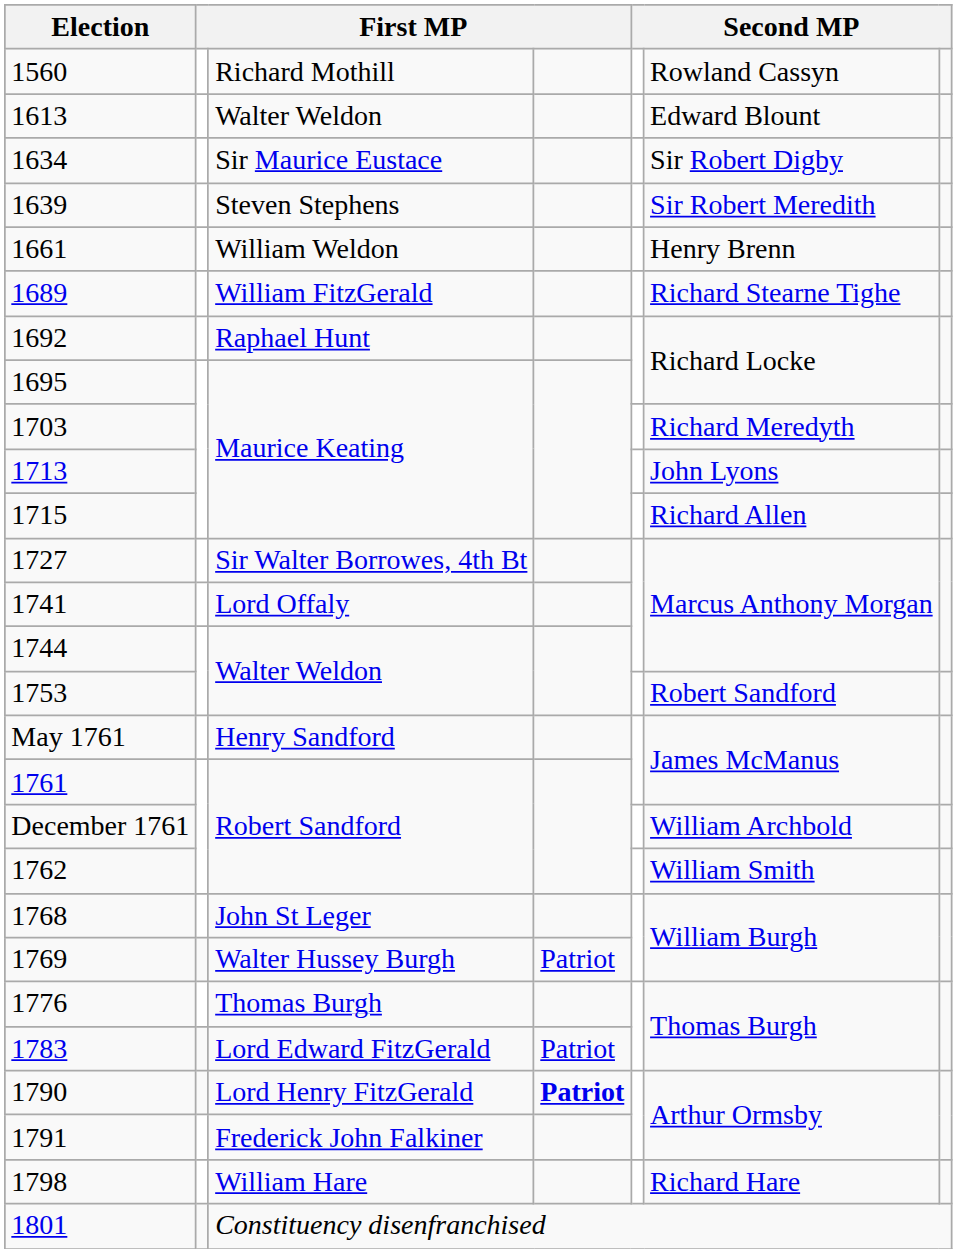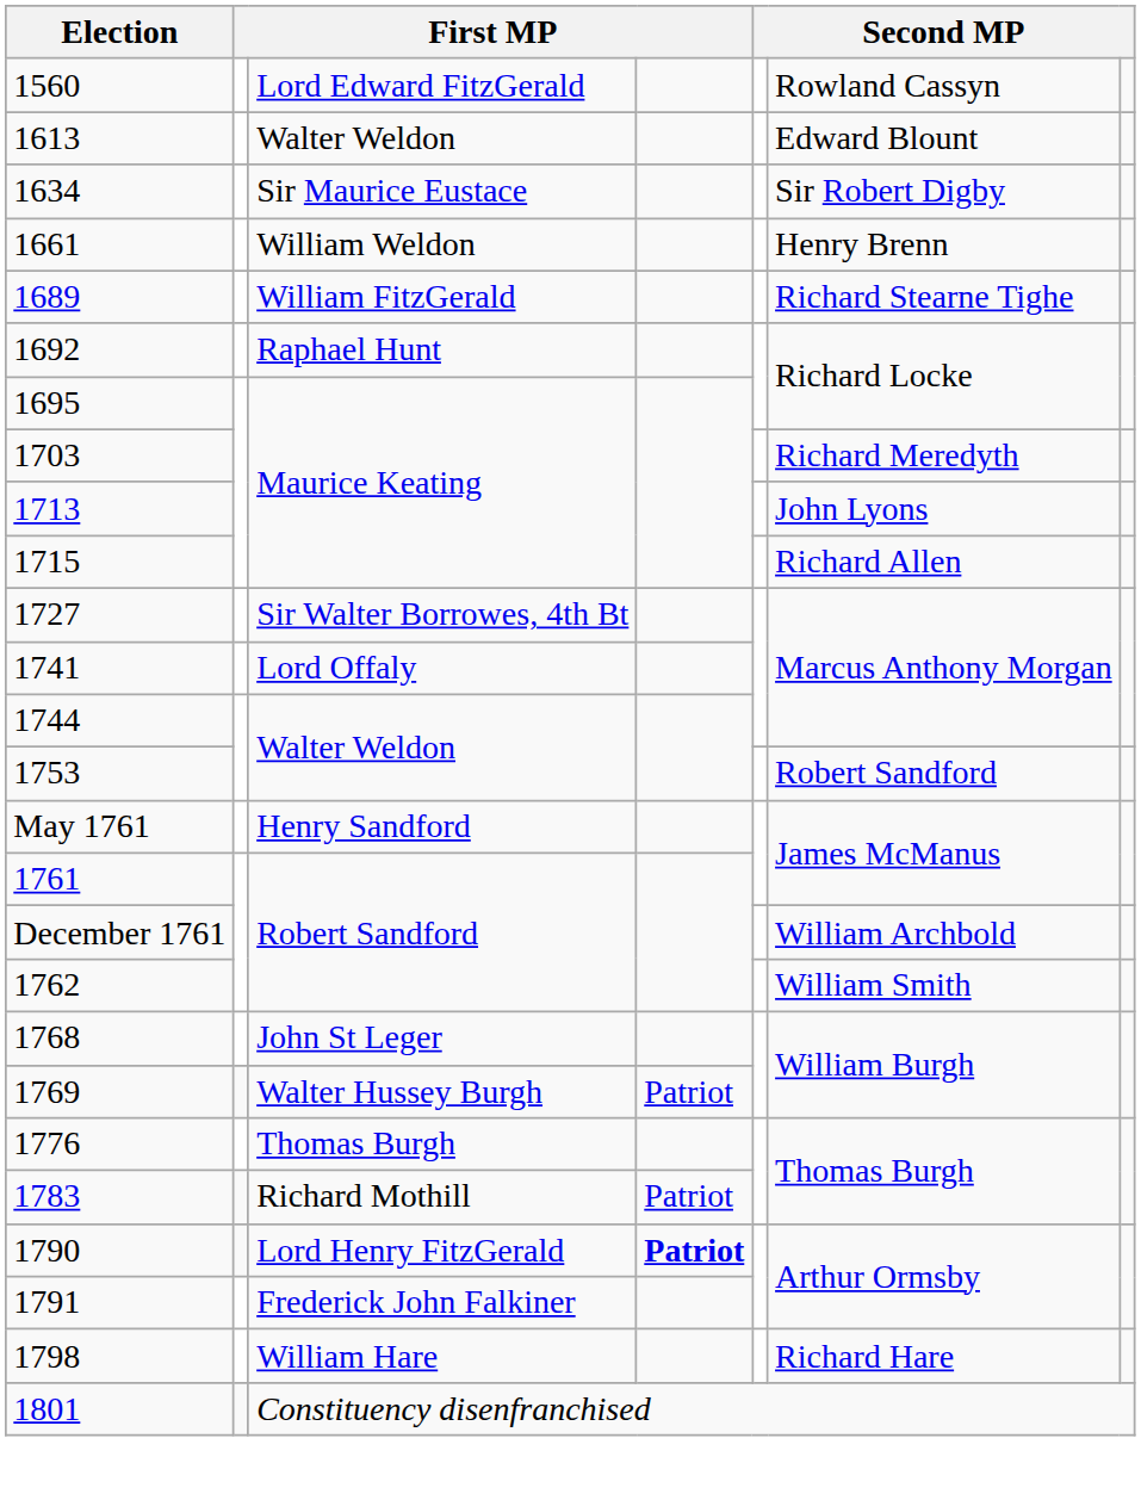 <table class="wikitable">
 <tr>
 <th>Election</th>
 <th colspan=3>First MP</th>
 <th colspan=3>Second MP</th>
 </tr>
 <tr>
 <td>1560</td>
 <td style="background-color: white"></td>
-<td>Richard Mothill</td>
+<td><a href='#'>Lord Edward FitzGerald</a></td>
 <td></td>
 <td style="background-color: white"></td>
 <td>Rowland Cassyn </td>
 <td></td>
 </tr>
 <tr>
 <td>1613</td>
 <td style="background-color: white"></td>
 <td>Walter Weldon</td>
 <td></td>
 <td style="background-color: white"></td>
 <td>Edward Blount</td>
 <td></td>
 </tr>
 <tr>
 <td>1634</td>
 <td style="background-color: white"></td>
 <td>Sir <a href='#'>Maurice Eustace</a></td>
 <td></td>
 <td style="background-color: white"></td>
 <td>Sir <a href='#'>Robert Digby</a></td>
-<td></td>
-</tr>
-<tr>
-<td>1639</td>
-<td style="background-color: white"></td>
-<td>Steven Stephens</td>
-<td></td>
-<td style="background-color: white"></td>
-<td><a href='#'>Sir Robert Meredith</a></td>
 <td></td>
 </tr>
 <tr>
 <td>1661</td>
 <td style="background-color: white"></td>
 <td>William Weldon</td>
 <td></td>
 <td style="background-color: white"></td>
 <td>Henry Brenn </td>
 <td></td>
 </tr>
 <tr>
 <td><a href='#'>1689</a></td>
 <td style="background-color: white"></td>
 <td><a href='#'>William FitzGerald</a></td>
 <td></td>
 <td style="background-color: white"></td>
 <td><a href='#'>Richard Stearne Tighe</a></td>
 <td></td>
 </tr>
 <tr>
 <td>1692</td>
 <td style="background-color: white"></td>
 <td><a href='#'>Raphael Hunt</a></td>
 <td></td>
 <td rowspan="2" style="background-color: white"></td>
 <td rowspan="2">Richard Locke</td>
 <td rowspan="2"></td>
 </tr>
 <tr>
 <td>1695</td>
 <td rowspan="4" style="background-color: white"></td>
 <td rowspan="4"><a href='#'>Maurice Keating</a></td>
 <td rowspan="4"></td>
 </tr>
 <tr>
 <td>1703</td>
 <td style="background-color: white"></td>
 <td><a href='#'>Richard Meredyth</a></td>
 <td></td>
 </tr>
 <tr>
 <td><a href='#'>1713</a></td>
 <td style="background-color: white"></td>
 <td><a href='#'>John Lyons</a></td>
 <td></td>
 </tr>
 <tr>
 <td>1715</td>
 <td style="background-color: white"></td>
 <td><a href='#'>Richard Allen</a></td>
 <td></td>
 </tr>
 <tr>
 <td>1727</td>
 <td style="background-color: white"></td>
 <td><a href='#'>Sir Walter Borrowes, 4th Bt</a></td>
 <td></td>
 <td rowspan="3" style="background-color: white"></td>
 <td rowspan="3"><a href='#'>Marcus Anthony Morgan</a></td>
 <td rowspan="3"></td>
 </tr>
 <tr>
 <td>1741</td>
 <td style="background-color: white"></td>
 <td><a href='#'>Lord Offaly</a></td>
 <td></td>
 </tr>
 <tr>
 <td>1744</td>
 <td rowspan="2" style="background-color: white"></td>
 <td rowspan="2"><a href='#'>Walter Weldon</a></td>
 <td rowspan="2"></td>
 </tr>
 <tr>
 <td>1753</td>
 <td style="background-color: white"></td>
 <td><a href='#'>Robert Sandford</a></td>
 <td></td>
 </tr>
 <tr>
 <td>May 1761</td>
 <td style="background-color: white"></td>
 <td><a href='#'>Henry Sandford</a></td>
 <td></td>
 <td rowspan="2" style="background-color: white"></td>
 <td rowspan="2"><a href='#'>James McManus</a></td>
 <td rowspan="2"></td>
 </tr>
 <tr>
 <td><a href='#'>1761</a></td>
 <td rowspan="3" style="background-color: white"></td>
 <td rowspan="3"><a href='#'>Robert Sandford</a></td>
 <td rowspan="3"></td>
 </tr>
 <tr>
 <td>December 1761</td>
 <td style="background-color: white"></td>
 <td><a href='#'>William Archbold</a></td>
 <td></td>
 </tr>
 <tr>
 <td>1762</td>
 <td style="background-color: white"></td>
 <td><a href='#'>William Smith</a></td>
 <td></td>
 </tr>
 <tr>
 <td>1768</td>
 <td style="background-color: white"></td>
 <td><a href='#'>John St Leger</a></td>
 <td></td>
 <td rowspan="2" style="background-color: white"></td>
 <td rowspan="2"><a href='#'>William Burgh</a></td>
 <td rowspan="2"></td>
 </tr>
 <tr>
 <td>1769</td>
 <td style="background-color: "></td>
 <td><a href='#'>Walter Hussey Burgh</a></td>
 <td><a href='#'>Patriot</a></td>
 </tr>
 <tr>
 <td>1776</td>
 <td style="background-color: white"></td>
 <td><a href='#'>Thomas Burgh</a></td>
 <td></td>
 <td rowspan="2" style="background-color: white"></td>
 <td rowspan="2"><a href='#'>Thomas Burgh</a></td>
 <td rowspan="2"></td>
 </tr>
 <tr>
 <td><a href='#'>1783</a></td>
 <td style="background-color: "></td>
-<td><a href='#'>Lord Edward FitzGerald</a></td>
+<td>Richard Mothill</td>
 <td><a href='#'>Patriot</a></td>
 </tr>
 <tr>
 <td>1790</td>
 <td style="background-color: "></td>
 <td><a href='#'>Lord Henry FitzGerald</a></td>
 <td><strong><a href='#'>Patriot</a></strong></td>
 <td rowspan="2" style="background-color: white"></td>
 <td rowspan="2"><a href='#'>Arthur Ormsby</a></td>
 <td rowspan="2"></td>
 </tr>
 <tr>
 <td>1791</td>
 <td style="background-color: white"></td>
 <td><a href='#'>Frederick John Falkiner</a></td>
 <td></td>
 </tr>
 <tr>
 <td>1798</td>
 <td style="background-color: white"></td>
 <td><a href='#'>William Hare</a></td>
 <td></td>
 <td style="background-color: white"></td>
 <td><a href='#'>Richard Hare</a></td>
 <td></td>
 </tr>
 <tr>
 <td><a href='#'>1801</a></td>
 <td></td>
 <td colspan="5"><em>Constituency disenfranchised</em></td>
 </tr>
 </table>
